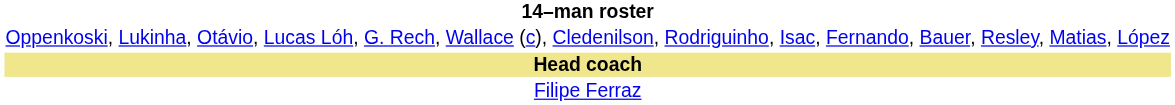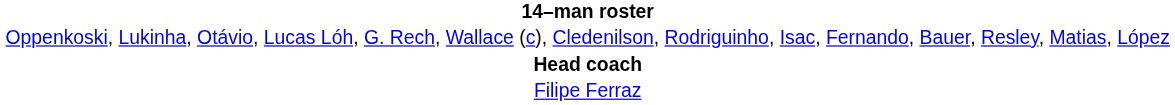 <table style="text-align:center; margin-top:2em; margin-left:auto; margin-right:auto">
 <tr>
 <td><strong>14–man roster</strong></td>
 </tr>
 <tr>
 <td><a href='#'>Oppenkoski</a>, <a href='#'>Lukinha</a>, <a href='#'>Otávio</a>, <a href='#'>Lucas Lóh</a>, <a href='#'>G. Rech</a>, <a href='#'>Wallace</a> (<a href='#'>c</a>), <a href='#'>Cledenilson</a>, <a href='#'>Rodriguinho</a>, <a href='#'>Isac</a>, <a href='#'>Fernando</a>, <a href='#'>Bauer</a>, <a href='#'>Resley</a>, <a href='#'>Matias</a>, <a href='#'>López</a></td>
 </tr>
 <tr>
-<td style="background: khaki;"><strong>Head coach</strong></td>
+<td><strong>Head coach</strong></td>
 </tr>
 <tr>
 <td><a href='#'>Filipe Ferraz</a></td>
 </tr>
 </table>
